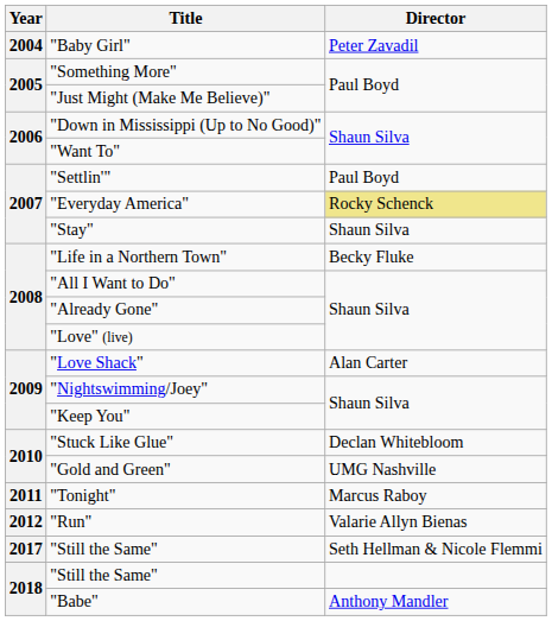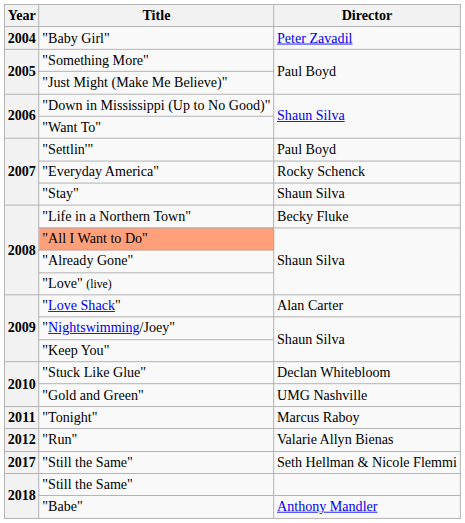 <table class=wikitable>
 <tr>
 <th>Year</th>
 <th>Title</th>
 <th>Director</th>
 </tr>
 <tr>
 <th>2004</th>
 <td>"Baby Girl"</td>
 <td><a href='#'>Peter Zavadil</a></td>
 </tr>
 <tr>
 <th rowspan=2>2005</th>
 <td>"Something More"</td>
 <td rowspan=2>Paul Boyd</td>
 </tr>
 <tr>
 <td>"Just Might (Make Me Believe)"</td>
 </tr>
 <tr>
 <th rowspan=2>2006</th>
 <td>"Down in Mississippi (Up to No Good)"</td>
 <td rowspan=2><a href='#'>Shaun Silva</a></td>
 </tr>
 <tr>
 <td>"Want To"</td>
 </tr>
 <tr>
 <th rowspan=3>2007</th>
 <td>"Settlin'"</td>
 <td>Paul Boyd</td>
 </tr>
 <tr>
 <td>"Everyday America"</td>
-<td style="background: khaki;">Rocky Schenck</td>
+<td>Rocky Schenck</td>
 </tr>
 <tr>
 <td>"Stay"</td>
 <td>Shaun Silva</td>
 </tr>
 <tr>
 <th rowspan=4>2008</th>
 <td>"Life in a Northern Town"<br></td>
 <td>Becky Fluke</td>
 </tr>
 <tr>
-<td>"All I Want to Do"</td>
+<td style="background: lightsalmon;">"All I Want to Do"</td>
 <td rowspan=3>Shaun Silva</td>
 </tr>
 <tr>
 <td>"Already Gone"</td>
 </tr>
 <tr>
 <td>"Love" <small>(live)</small></td>
 </tr>
 <tr>
 <th rowspan=3>2009</th>
 <td>"<a href='#'>Love Shack</a>"<br></td>
 <td>Alan Carter</td>
 </tr>
 <tr>
 <td>"<a href='#'>Nightswimming</a>/Joey" </td>
 <td rowspan=2>Shaun Silva</td>
 </tr>
 <tr>
 <td>"Keep You"</td>
 </tr>
 <tr>
 <th rowspan="2">2010</th>
 <td>"Stuck Like Glue"</td>
 <td>Declan Whitebloom</td>
 </tr>
 <tr>
 <td>"Gold and Green"</td>
 <td>UMG Nashville</td>
 </tr>
 <tr>
 <th>2011</th>
 <td>"Tonight"</td>
 <td>Marcus Raboy</td>
 </tr>
 <tr>
 <th>2012</th>
 <td>"Run" </td>
 <td>Valarie Allyn Bienas</td>
 </tr>
 <tr>
 <th>2017</th>
 <td>"Still the Same" </td>
 <td>Seth Hellman & Nicole Flemmi</td>
 </tr>
 <tr>
 <th rowspan="2">2018</th>
 <td>"Still the Same" </td>
 <td></td>
 </tr>
 <tr>
 <td>"Babe" </td>
 <td><a href='#'>Anthony Mandler</a></td>
 </tr>
 </table>
